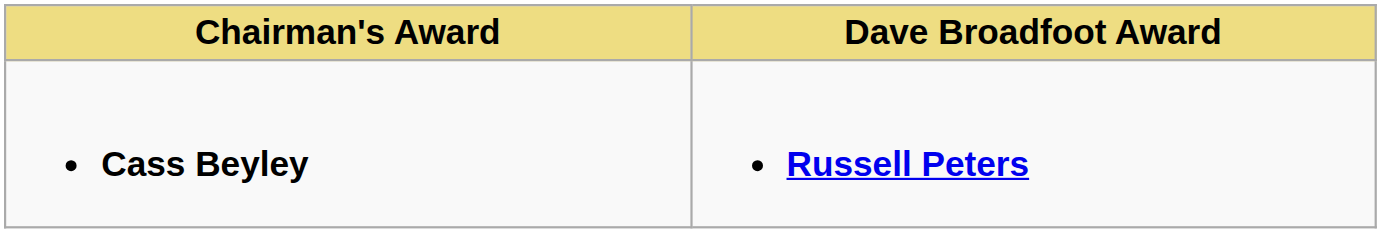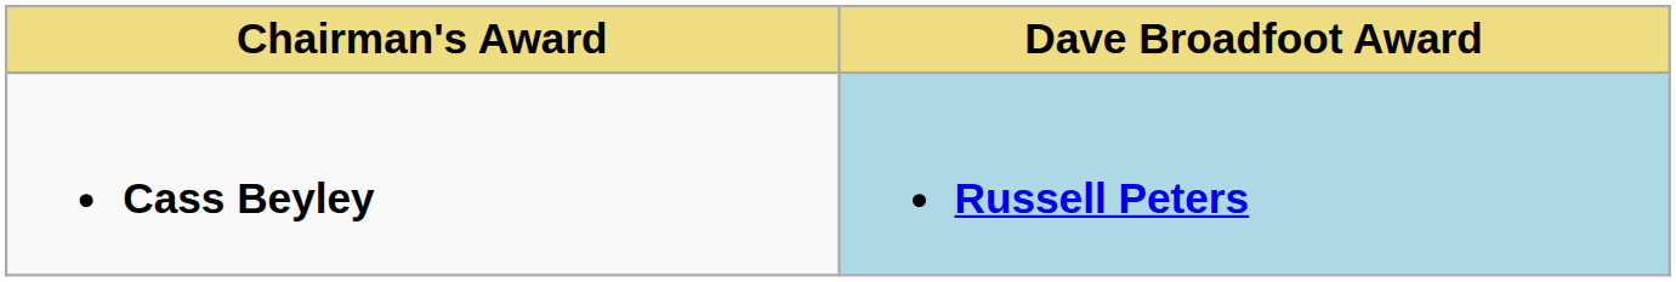 <table class="wikitable" style="width:100%">
 <tr>
 <th style="background:#EEDD82; width:50%">Chairman's Award</th>
 <th style="background:#EEDD82; width:50%">Dave Broadfoot Award</th>
 </tr>
 <tr>
 <td valign="top"><br><ul><li> <strong>Cass Beyley</strong></li></ul></td>
-<td valign="top"><br><ul><li> <strong><a href='#'>Russell Peters</a></strong></li></ul></td>
+<td valign="top" style="background: lightblue;"><br><ul><li> <strong><a href='#'>Russell Peters</a></strong></li></ul></td>
 </tr>
 </table>
